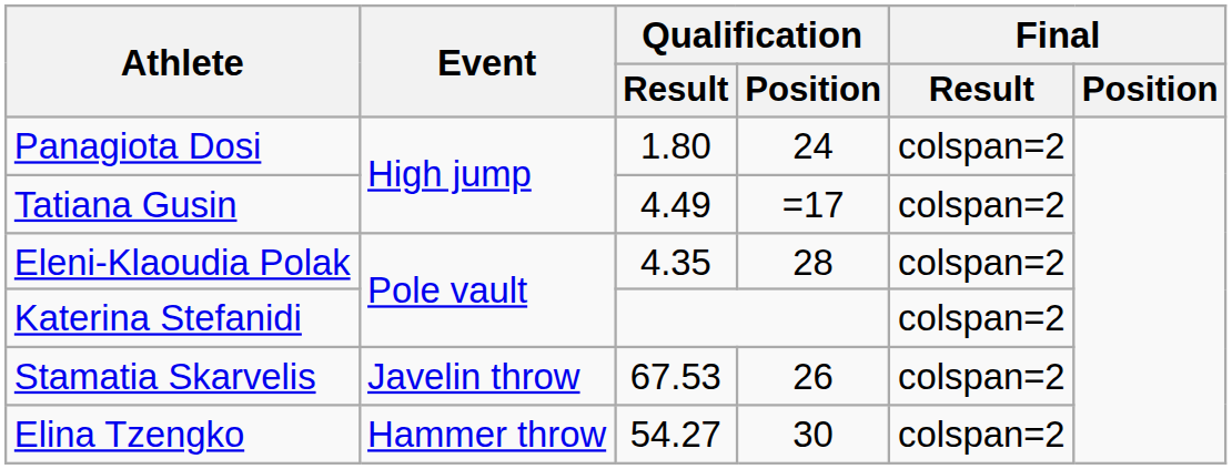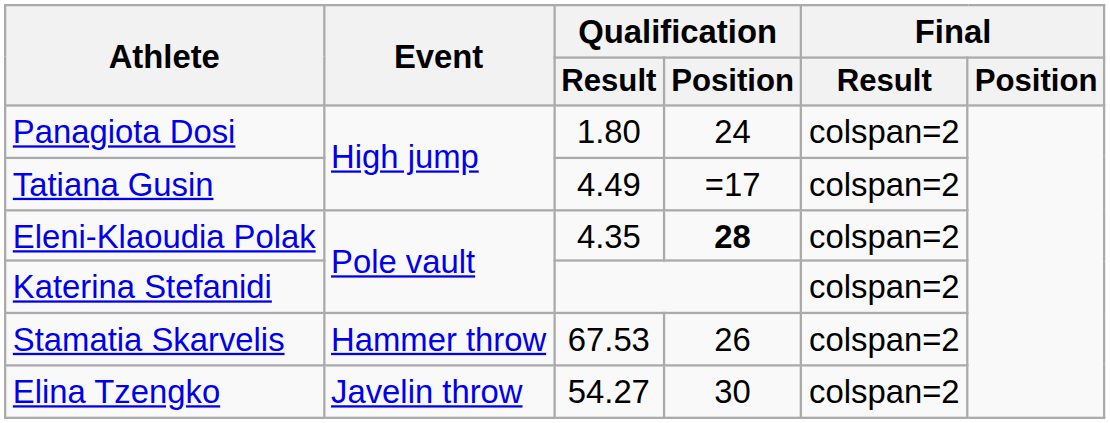 <table class=wikitable style="font-size:90%">
 <tr>
 <th rowspan="2">Athlete</th>
 <th rowspan="2">Event</th>
 <th colspan="2">Qualification</th>
 <th colspan="2">Final</th>
 </tr>
 <tr style="font-size:95%">
 <th>Result</th>
 <th>Position</th>
 <th>Result</th>
 <th>Position</th>
 </tr>
 <tr style=text-align:center>
 <td style=text-align:left><a href='#'>Panagiota Dosi</a></td>
 <td style=text-align:left rowspan=2><a href='#'>High jump</a></td>
 <td>1.80</td>
 <td>24</td>
 <td>colspan=2 </td>
 </tr>
 <tr style=text-align:center>
 <td style=text-align:left><a href='#'>Tatiana Gusin</a></td>
 <td>4.49</td>
 <td>=17</td>
 <td>colspan=2 </td>
 </tr>
 <tr style=text-align:center>
 <td style=text-align:left><a href='#'>Eleni-Klaoudia Polak</a></td>
 <td style=text-align:left rowspan=2><a href='#'>Pole vault</a></td>
 <td>4.35</td>
-<td>28</td>
+<td><strong>28</strong></td>
 <td>colspan=2 </td>
 </tr>
 <tr style=text-align:center>
 <td style=text-align:left><a href='#'>Katerina Stefanidi</a></td>
 <td colspan=2></td>
 <td>colspan=2 </td>
 </tr>
 <tr style=text-align:center>
 <td style=text-align:left><a href='#'>Stamatia Skarvelis</a></td>
-<td style=text-align:left><a href='#'>Javelin throw</a></td>
+<td style=text-align:left><a href='#'>Hammer throw</a></td>
 <td>67.53</td>
 <td>26</td>
 <td>colspan=2 </td>
 </tr>
 <tr style=text-align:center>
 <td style=text-align:left><a href='#'>Elina Tzengko</a></td>
-<td style=text-align:left><a href='#'>Hammer throw</a></td>
+<td style=text-align:left><a href='#'>Javelin throw</a></td>
 <td>54.27</td>
 <td>30</td>
 <td>colspan=2 </td>
 </tr>
 </table>
